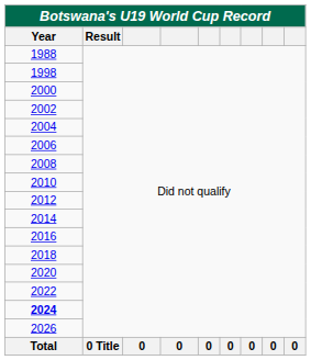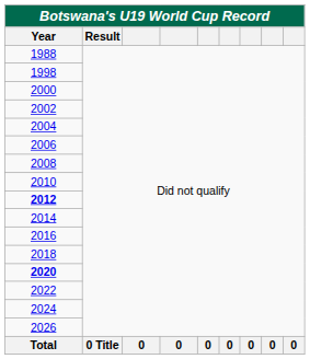 <table class="wikitable" style="font-size:90%; text-align:center">
 <tr>
 <th style="color:white; background:#006A4E;" colspan=9><strong><em><big>Botswana's U19 World Cup Record</big></em></strong></th>
 </tr>
 <tr>
 <th width="90">Year</th>
 <th>Result</th>
 <th width="40"></th>
 <th width="40"></th>
 <th width="20"></th>
 <th width="20"></th>
 <th width="20"></th>
 <th width="20"></th>
 <th width="20"></th>
 </tr>
 <tr>
 <td> <a href='#'>1988</a></td>
 <td rowspan=16 colspan=8>Did not qualify</td>
 </tr>
 <tr>
 <td> <a href='#'>1998</a></td>
 </tr>
 <tr>
 <td> <a href='#'>2000</a></td>
 </tr>
 <tr>
 <td> <a href='#'>2002</a></td>
 </tr>
 <tr>
 <td> <a href='#'>2004</a></td>
 </tr>
 <tr>
 <td> <a href='#'>2006</a></td>
 </tr>
 <tr>
 <td> <a href='#'>2008</a></td>
 </tr>
 <tr>
 <td> <a href='#'>2010</a></td>
 </tr>
 <tr>
-<td> <a href='#'>2012</a></td>
+<td><strong> <a href='#'>2012</a></strong></td>
 </tr>
 <tr>
 <td> <a href='#'>2014</a></td>
 </tr>
 <tr>
 <td> <a href='#'>2016</a></td>
 </tr>
 <tr>
 <td> <a href='#'>2018</a></td>
 </tr>
 <tr>
-<td> <a href='#'>2020</a></td>
+<td><strong> <a href='#'>2020</a></strong></td>
 </tr>
 <tr>
 <td> <a href='#'>2022</a></td>
 </tr>
 <tr>
-<td><strong> <a href='#'>2024</a></strong></td>
+<td> <a href='#'>2024</a></td>
 </tr>
 <tr>
 <td>  <a href='#'>2026</a></td>
 </tr>
 <tr>
 <th>Total</th>
 <th>0 Title</th>
 <th>0</th>
 <th>0</th>
 <th>0</th>
 <th>0</th>
 <th>0</th>
 <th>0</th>
 <th>0</th>
 </tr>
 </table>
